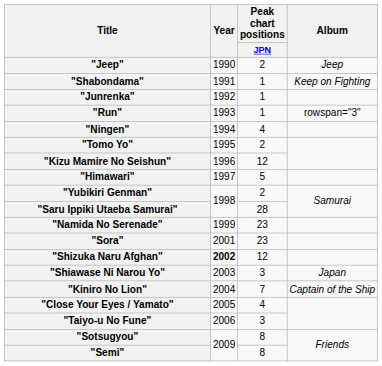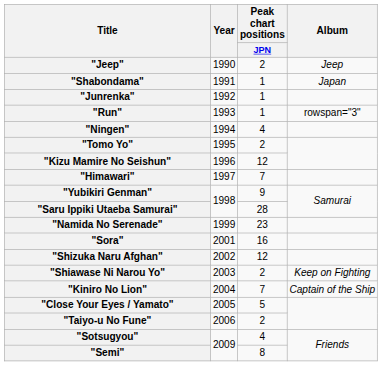 <table class="wikitable plainrowheaders" style="text-align:center;">
 <tr>
 <th rowspan="2" scope="col" style="width:20em;">Title</th>
 <th rowspan="2" scope="col">Year</th>
 <th scope="col">Peak chart positions</th>
 <th rowspan="2">Album</th>
 </tr>
 <tr>
 <th scope="col" style="width:2.5em;font-size:90%;"><a href='#'>JPN</a><br></th>
 </tr>
 <tr>
 <th scope="row">"Jeep"</th>
 <td>1990</td>
 <td>2</td>
 <td><em>Jeep</em></td>
 </tr>
 <tr>
 <th scope="row">"Shabondama" </th>
 <td>1991</td>
 <td>1</td>
-<td><em>Keep on Fighting</em></td>
+<td><em>Japan</em></td>
 </tr>
 <tr>
 <th scope="row">"Junrenka" </th>
 <td>1992</td>
 <td>1</td>
 <td></td>
 </tr>
 <tr>
 <th scope="row">"Run"</th>
 <td>1993</td>
 <td>1</td>
 <td>rowspan="3" </td>
 </tr>
 <tr>
 <th scope="row">"Ningen" </th>
 <td>1994</td>
 <td>4</td>
 <td></td>
 </tr>
 <tr>
 <th scope="row">"Tomo Yo" </th>
 <td>1995</td>
 <td>2</td>
 <td rowspan="2"></td>
 </tr>
 <tr>
 <th scope="row">"Kizu Mamire No Seishun" </th>
 <td>1996</td>
 <td>12</td>
 </tr>
 <tr>
 <th scope="row">"Himawari" </th>
 <td>1997</td>
-<td>5</td>
+<td>7</td>
 <td></td>
 </tr>
 <tr>
 <th scope="row">"Yubikiri Genman" </th>
 <td rowspan="2">1998</td>
-<td>2</td>
+<td>9</td>
 <td rowspan="2"><em>Samurai</em></td>
 </tr>
 <tr>
 <th scope="row">"Saru Ippiki Utaeba Samurai" </th>
 <td>28</td>
 </tr>
 <tr>
 <th scope="row">"Namida No Serenade" </th>
 <td>1999</td>
 <td>23</td>
 <td></td>
 </tr>
 <tr>
 <th scope="row">"Sora" </th>
 <td>2001</td>
-<td>23</td>
+<td>16</td>
 <td></td>
 </tr>
 <tr>
 <th scope="row">"Shizuka Naru Afghan" </th>
-<td><strong>2002</strong></td>
+<td>2002</td>
 <td>12</td>
 <td></td>
 </tr>
 <tr>
 <th scope="row">"Shiawase Ni Narou Yo" </th>
 <td>2003</td>
-<td>3</td>
-<td><em>Japan</em></td>
+<td>2</td>
+<td><em>Keep on Fighting</em></td>
 </tr>
 <tr>
 <th scope="row">"Kiniro No Lion" </th>
 <td>2004</td>
 <td>7</td>
 <td><em>Captain of the Ship</em></td>
 </tr>
 <tr>
 <th scope="row">"Close Your Eyes / Yamato"</th>
 <td>2005</td>
-<td>4</td>
+<td>5</td>
 </tr>
 <tr>
 <th scope="row">"Taiyo-u No Fune" </th>
 <td>2006</td>
-<td>3</td>
+<td>2</td>
 </tr>
 <tr>
 <th scope="row">"Sotsugyou" </th>
 <td rowspan="2">2009</td>
-<td>8</td>
+<td>4</td>
 <td rowspan="2"><em>Friends</em></td>
 </tr>
 <tr>
 <th scope="row">"Semi" </th>
 <td>8</td>
 </tr>
 </table>
